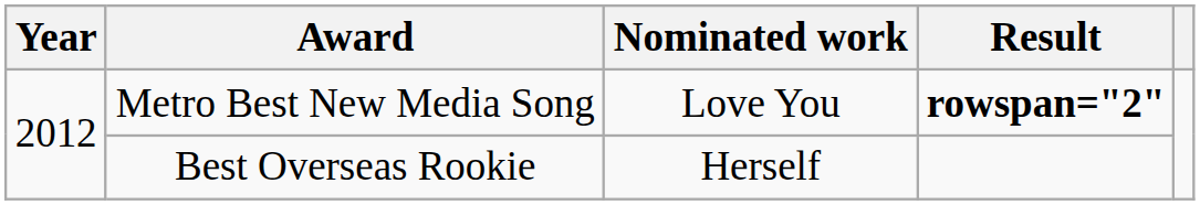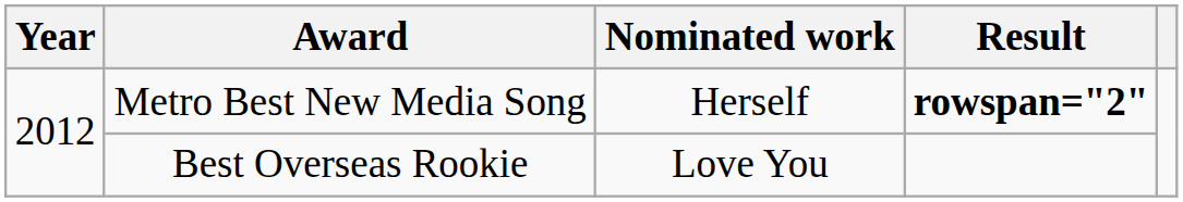 <table class="wikitable">
 <tr>
 <th>Year</th>
 <th>Award</th>
 <th>Nominated work</th>
 <th>Result</th>
 <th class="unsortable"></th>
 </tr>
 <tr align="center">
 <td rowspan="2">2012</td>
 <td>Metro Best New Media Song</td>
-<td>Love You</td>
+<td>Herself</td>
 <td><strong>rowspan="2" </strong></td>
 <td rowspan="2"></td>
 </tr>
 <tr align="center">
 <td>Best Overseas Rookie</td>
-<td>Herself</td>
+<td>Love You</td>
 </tr>
 </table>
